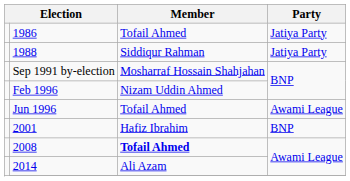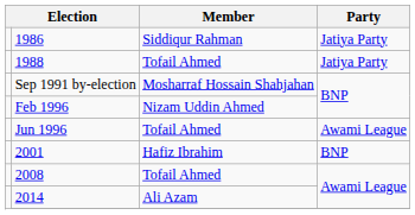 <table class="wikitable">
 <tr>
 <th colspan="2">Election</th>
 <th>Member</th>
 <th>Party</th>
 </tr>
 <tr>
 <td style="background-color:"></td>
 <td><a href='#'>1986</a></td>
-<td><a href='#'>Tofail Ahmed</a></td>
+<td><a href='#'>Siddiqur Rahman</a></td>
 <td><a href='#'>Jatiya Party</a></td>
 </tr>
 <tr>
 <td style="background-color:"></td>
 <td><a href='#'>1988</a></td>
-<td><a href='#'>Siddiqur Rahman</a></td>
+<td><a href='#'>Tofail Ahmed</a></td>
 <td><a href='#'>Jatiya Party</a></td>
 </tr>
 <tr>
 <td style="background-color:"></td>
 <td>Sep 1991 by-election</td>
 <td><a href='#'>Mosharraf Hossain Shahjahan</a></td>
 <td rowspan="2"><a href='#'>BNP</a></td>
 </tr>
 <tr>
 <td style="background-color:"></td>
 <td><a href='#'>Feb 1996</a></td>
 <td><a href='#'>Nizam Uddin Ahmed</a></td>
 </tr>
 <tr>
 <td style="background-color:"></td>
 <td><a href='#'>Jun 1996</a></td>
 <td><a href='#'>Tofail Ahmed</a></td>
 <td><a href='#'>Awami League</a></td>
 </tr>
 <tr>
 <td style="background-color:"></td>
 <td><a href='#'>2001</a></td>
 <td><a href='#'>Hafiz Ibrahim</a></td>
 <td><a href='#'>BNP</a></td>
 </tr>
 <tr>
 <td style="background-color:"></td>
 <td><a href='#'>2008</a></td>
-<td><strong><a href='#'>Tofail Ahmed</a></strong></td>
+<td><a href='#'>Tofail Ahmed</a></td>
 <td rowspan="2"><a href='#'>Awami League</a></td>
 </tr>
 <tr>
 <td rowspan="3" style="background-color:"></td>
 <td><a href='#'>2014</a></td>
 <td><a href='#'>Ali Azam</a></td>
 </tr>
 <tr>
 </tr>
 </table>
